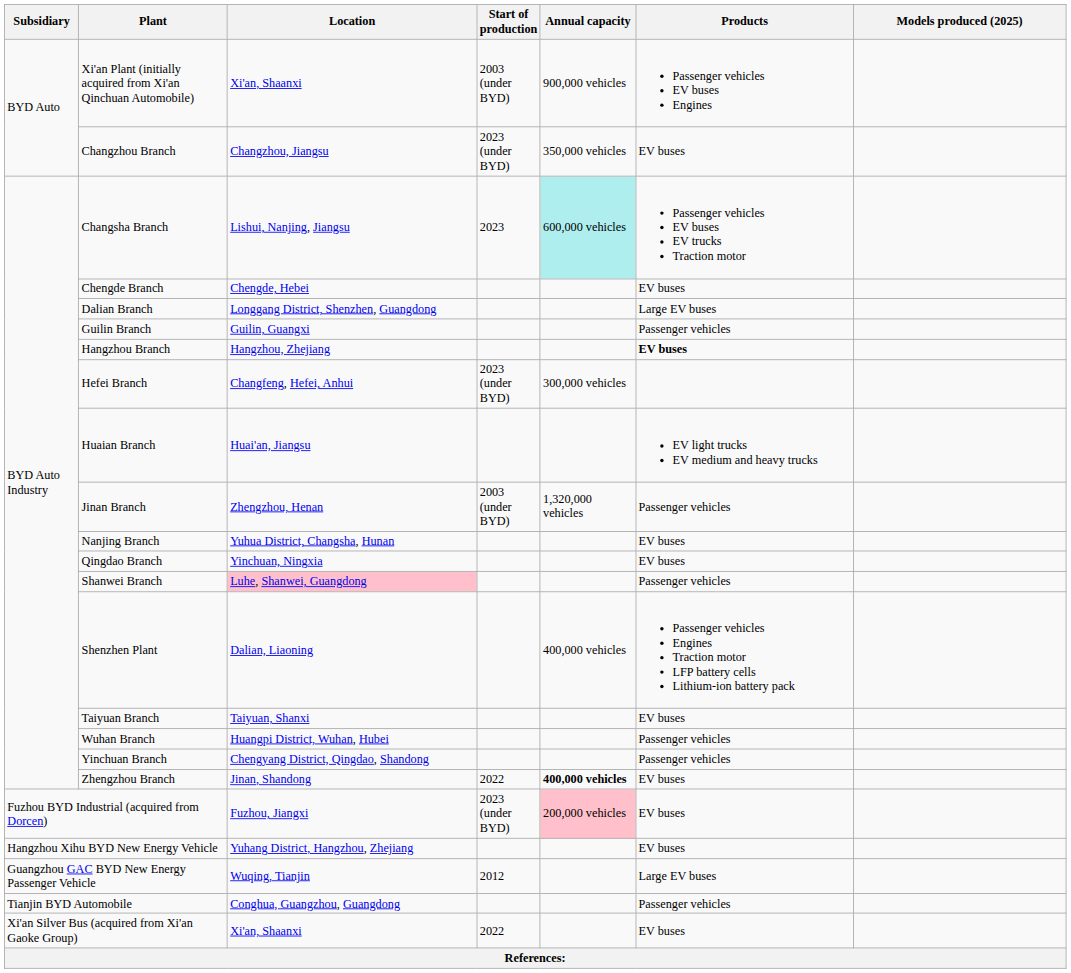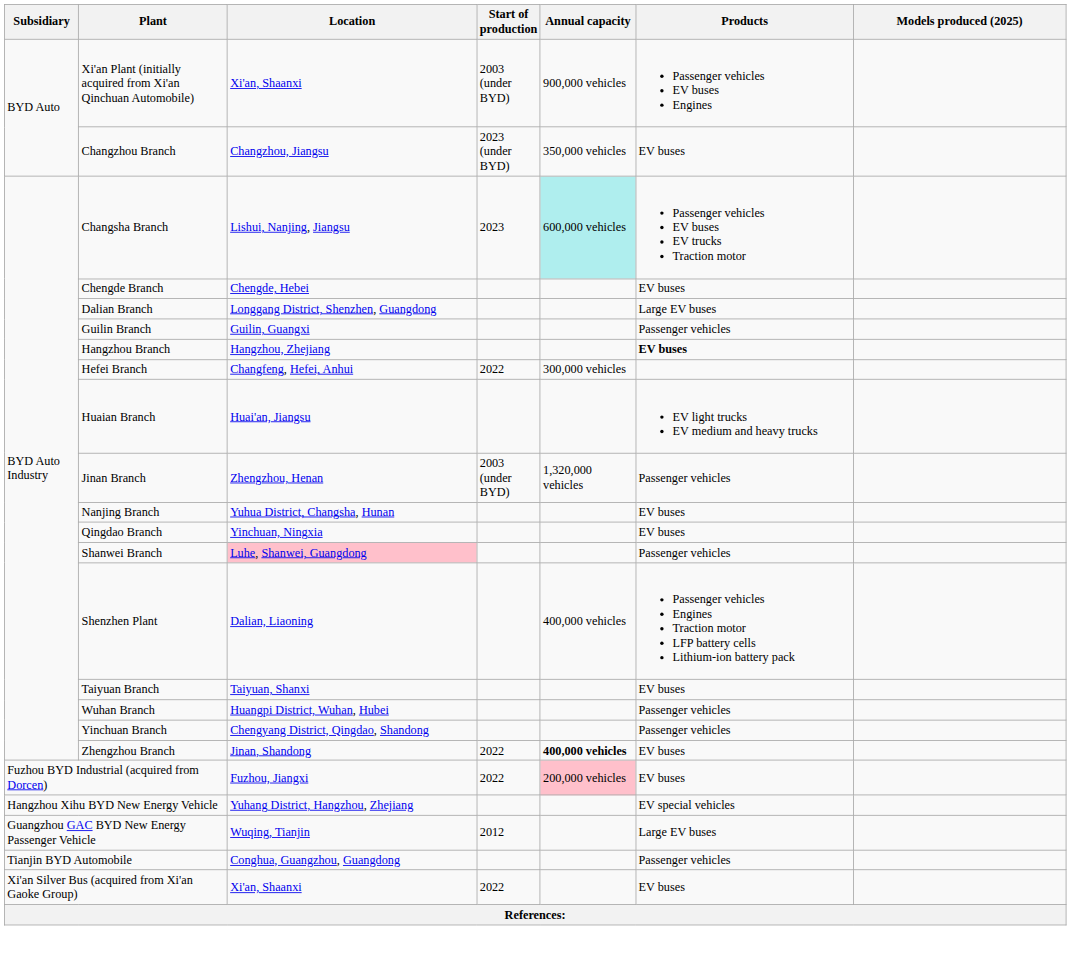 <table class="wikitable" style="font-size:90%;">
 <tr>
 <th width="7%">Subsidiary</th>
 <th width="14%">Plant</th>
 <th>Location</th>
 <th width="5%">Start of production</th>
 <th width="9%">Annual capacity</th>
 <th>Products</th>
 <th width="20%">Models produced (2025)</th>
 </tr>
 <tr>
 <td rowspan="2">BYD Auto </td>
 <td>Xi'an Plant (initially acquired from Xi'an Qinchuan Automobile)</td>
 <td><a href='#'>Xi'an, Shaanxi</a></td>
 <td>2003 (under BYD)</td>
 <td>900,000 vehicles</td>
 <td><br><ul><li>Passenger vehicles</li><li>EV buses</li><li>Engines</li></ul></td>
 <td></td>
 </tr>
 <tr>
 <td>Changzhou Branch</td>
 <td><a href='#'>Changzhou, Jiangsu</a></td>
 <td>2023 (under BYD)</td>
 <td>350,000 vehicles</td>
 <td>EV buses</td>
 <td></td>
 </tr>
 <tr>
 <td rowspan="16">BYD Auto Industry </td>
 <td>Changsha Branch</td>
 <td><a href='#'>Lishui, Nanjing</a>, <a href='#'>Jiangsu</a></td>
 <td>2023</td>
 <td style="background: paleturquoise;">600,000 vehicles</td>
 <td><br><ul><li>Passenger vehicles</li><li>EV buses</li><li>EV trucks</li><li>Traction motor</li></ul></td>
 <td></td>
 </tr>
 <tr>
 <td>Chengde Branch</td>
 <td><a href='#'>Chengde, Hebei</a></td>
 <td></td>
 <td></td>
 <td>EV buses</td>
 <td></td>
 </tr>
 <tr>
 <td>Dalian Branch</td>
 <td><a href='#'>Longgang District, Shenzhen</a>, <a href='#'>Guangdong</a></td>
 <td></td>
 <td></td>
 <td>Large EV buses</td>
 <td></td>
 </tr>
 <tr>
 <td>Guilin Branch</td>
 <td><a href='#'>Guilin, Guangxi</a></td>
 <td></td>
 <td></td>
 <td>Passenger vehicles</td>
 <td></td>
 </tr>
 <tr>
 <td>Hangzhou Branch</td>
 <td><a href='#'>Hangzhou, Zhejiang</a></td>
 <td></td>
 <td></td>
 <td><strong>EV buses</strong></td>
 <td></td>
 </tr>
 <tr>
 <td>Hefei Branch</td>
 <td><a href='#'>Changfeng</a>, <a href='#'>Hefei, Anhui</a></td>
-<td>2023 (under BYD)</td>
+<td>2022</td>
 <td>300,000 vehicles</td>
 <td></td>
 <td></td>
 </tr>
 <tr>
 <td>Huaian Branch</td>
 <td><a href='#'>Huai'an, Jiangsu</a></td>
 <td></td>
 <td></td>
 <td><br><ul><li>EV light trucks</li><li>EV medium and heavy trucks</li></ul></td>
 <td></td>
 </tr>
 <tr>
 <td>Jinan Branch</td>
 <td><a href='#'>Zhengzhou, Henan</a></td>
 <td>2003 (under BYD)</td>
 <td>1,320,000 vehicles</td>
 <td>Passenger vehicles</td>
 <td></td>
 </tr>
 <tr>
 <td>Nanjing Branch</td>
 <td><a href='#'>Yuhua District, Changsha</a>, <a href='#'>Hunan</a></td>
 <td></td>
 <td></td>
 <td>EV buses</td>
 <td></td>
 </tr>
 <tr>
 <td>Qingdao Branch</td>
 <td><a href='#'>Yinchuan, Ningxia</a></td>
 <td></td>
 <td></td>
 <td>EV buses</td>
 <td></td>
 </tr>
 <tr>
 <td>Shanwei Branch</td>
 <td style="background: pink;"><a href='#'>Luhe</a>, <a href='#'>Shanwei, Guangdong</a></td>
 <td></td>
 <td></td>
 <td>Passenger vehicles</td>
 <td></td>
 </tr>
 <tr>
 <td>Shenzhen Plant</td>
 <td><a href='#'>Dalian, Liaoning</a></td>
 <td></td>
 <td>400,000 vehicles</td>
 <td><br><ul><li>Passenger vehicles</li><li>Engines</li><li>Traction motor</li><li>LFP battery cells</li><li>Lithium-ion battery pack</li></ul></td>
 <td></td>
 </tr>
 <tr>
 <td>Taiyuan Branch</td>
 <td><a href='#'>Taiyuan, Shanxi</a></td>
 <td></td>
 <td></td>
 <td>EV buses</td>
 <td></td>
 </tr>
 <tr>
 <td>Wuhan Branch</td>
 <td><a href='#'>Huangpi District, Wuhan</a>, <a href='#'>Hubei</a></td>
 <td></td>
 <td></td>
 <td>Passenger vehicles</td>
 <td></td>
 </tr>
 <tr>
 <td>Yinchuan Branch</td>
 <td><a href='#'>Chengyang District, Qingdao</a>, <a href='#'>Shandong</a></td>
 <td></td>
 <td></td>
 <td>Passenger vehicles</td>
 <td></td>
 </tr>
 <tr>
 <td>Zhengzhou Branch</td>
 <td><a href='#'>Jinan, Shandong</a></td>
 <td>2022</td>
 <td><strong>400,000 vehicles</strong></td>
 <td>EV buses</td>
 <td></td>
 </tr>
 <tr>
 <td colspan="2">Fuzhou BYD Industrial (acquired from <a href='#'>Dorcen</a>)</td>
 <td><a href='#'>Fuzhou, Jiangxi</a></td>
-<td>2023 (under BYD)</td>
+<td>2022</td>
 <td style="background: pink;">200,000 vehicles</td>
 <td>EV buses</td>
 <td></td>
 </tr>
 <tr>
 <td colspan="2">Hangzhou Xihu BYD New Energy Vehicle </td>
 <td><a href='#'>Yuhang District, Hangzhou</a>, <a href='#'>Zhejiang</a></td>
 <td></td>
 <td></td>
-<td>EV buses</td>
+<td>EV special vehicles</td>
 <td></td>
 </tr>
 <tr>
 <td colspan="2">Guangzhou <a href='#'>GAC</a> BYD New Energy Passenger Vehicle </td>
 <td><a href='#'>Wuqing, Tianjin</a></td>
 <td>2012</td>
 <td></td>
 <td>Large EV buses</td>
 <td></td>
 </tr>
 <tr>
 <td colspan="2">Tianjin BYD Automobile </td>
 <td><a href='#'>Conghua, Guangzhou</a>, <a href='#'>Guangdong</a></td>
 <td></td>
 <td></td>
 <td>Passenger vehicles</td>
 <td></td>
 </tr>
 <tr>
 <td colspan="2">Xi'an Silver Bus  (acquired from Xi'an Gaoke Group)</td>
 <td><a href='#'>Xi'an, Shaanxi</a></td>
 <td>2022</td>
 <td></td>
 <td>EV buses</td>
 <td></td>
 </tr>
 <tr>
 <th colspan="7">References:</th>
 </tr>
 </table>
